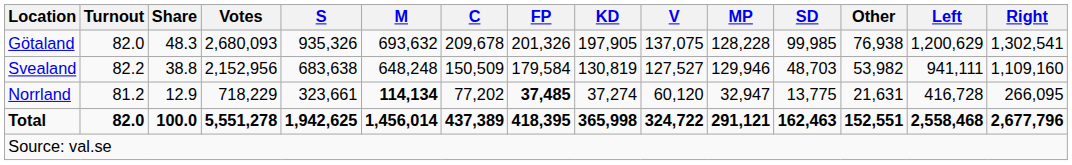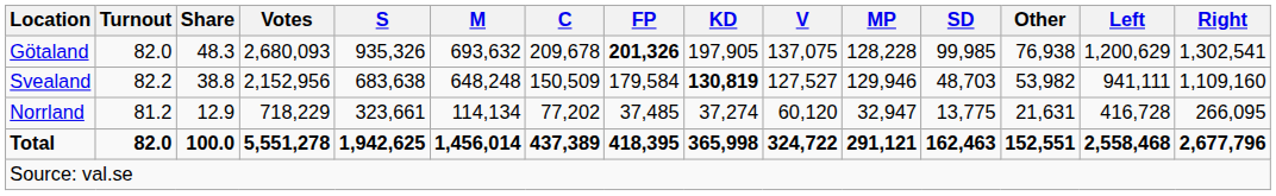 <table class="wikitable sortable" style=text-align:right>
 <tr>
 <th>Location</th>
 <th>Turnout</th>
 <th>Share</th>
 <th>Votes</th>
 <th><a href='#'>S</a></th>
 <th><a href='#'>M</a></th>
 <th><a href='#'>C</a></th>
 <th><a href='#'>FP</a></th>
 <th><a href='#'>KD</a></th>
 <th><a href='#'>V</a></th>
 <th><a href='#'>MP</a></th>
 <th><a href='#'>SD</a></th>
 <th>Other</th>
 <th><a href='#'>Left</a></th>
 <th><a href='#'>Right</a></th>
 </tr>
 <tr>
 <td align=left><a href='#'>Götaland</a></td>
 <td>82.0</td>
 <td>48.3</td>
 <td>2,680,093</td>
 <td>935,326</td>
 <td>693,632</td>
 <td>209,678</td>
-<td>201,326</td>
+<td><strong>201,326</strong></td>
 <td>197,905</td>
 <td>137,075</td>
 <td>128,228</td>
 <td>99,985</td>
 <td>76,938</td>
 <td>1,200,629</td>
 <td>1,302,541</td>
 </tr>
 <tr>
 <td align=left><a href='#'>Svealand</a></td>
 <td>82.2</td>
 <td>38.8</td>
 <td>2,152,956</td>
 <td>683,638</td>
 <td>648,248</td>
 <td>150,509</td>
 <td>179,584</td>
-<td>130,819</td>
+<td><strong>130,819</strong></td>
 <td>127,527</td>
 <td>129,946</td>
 <td>48,703</td>
 <td>53,982</td>
 <td>941,111</td>
 <td>1,109,160</td>
 </tr>
 <tr>
 <td align=left><a href='#'>Norrland</a></td>
 <td>81.2</td>
 <td>12.9</td>
 <td>718,229</td>
 <td>323,661</td>
-<td><strong>114,134</strong></td>
+<td>114,134</td>
 <td>77,202</td>
-<td><strong>37,485</strong></td>
+<td>37,485</td>
 <td>37,274</td>
 <td>60,120</td>
 <td>32,947</td>
 <td>13,775</td>
 <td>21,631</td>
 <td>416,728</td>
 <td>266,095</td>
 </tr>
 <tr>
 <td align=left><strong>Total</strong></td>
 <td><strong>82.0</strong></td>
 <td><strong>100.0</strong></td>
 <td><strong>5,551,278</strong></td>
 <td><strong>1,942,625</strong></td>
 <td><strong>1,456,014</strong></td>
 <td><strong>437,389</strong></td>
 <td><strong>418,395</strong></td>
 <td><strong>365,998</strong></td>
 <td><strong>324,722</strong></td>
 <td><strong>291,121</strong></td>
 <td><strong>162,463</strong></td>
 <td><strong>152,551</strong></td>
 <td><strong>2,558,468</strong></td>
 <td><strong>2,677,796</strong></td>
 </tr>
 <tr>
 <td align=left colspan=15>Source: val.se </td>
 </tr>
 </table>
